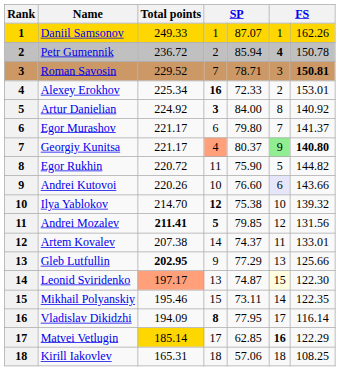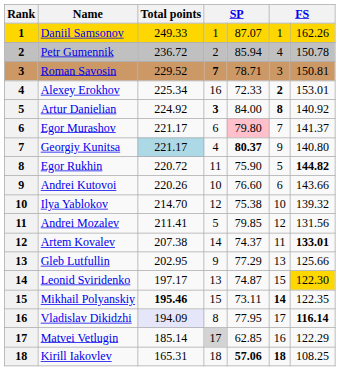 <table class="wikitable sortable">
 <tr>
 <th>Rank</th>
 <th>Name</th>
 <th>Total points</th>
 <th colspan="2" width="80px"><a href='#'>SP</a></th>
 <th colspan="2" width="80px"><a href='#'>FS</a></th>
 </tr>
 <tr bgcolor="gold">
 <td align="center"><strong>1</strong></td>
 <td><a href='#'>Daniil Samsonov</a></td>
 <td align="center">249.33</td>
 <td align="center">1</td>
 <td align="center">87.07</td>
 <td align="center">1</td>
 <td align="center">162.26</td>
 </tr>
 <tr bgcolor="silver">
 <td align="center"><strong>2</strong></td>
 <td><a href='#'>Petr Gumennik</a></td>
 <td align="center">236.72</td>
 <td align="center">2</td>
 <td align="center">85.94</td>
-<td align="center"><strong>4</strong></td>
+<td align="center">4</td>
 <td align="center">150.78</td>
 </tr>
 <tr bgcolor="cc9966">
 <td align="center"><strong>3</strong></td>
 <td><a href='#'>Roman Savosin</a></td>
 <td align="center">229.52</td>
-<td align="center">7</td>
+<td align="center"><strong>7</strong></td>
 <td align="center">78.71</td>
 <td align="center">3</td>
-<td align="center"><strong>150.81</strong></td>
+<td align="center">150.81</td>
 </tr>
 <tr>
 <th>4</th>
 <td><a href='#'>Alexey Erokhov</a></td>
 <td align="center">225.34</td>
-<td align="center"><strong>16</strong></td>
+<td align="center">16</td>
 <td align="center">72.33</td>
-<td align="center">2</td>
+<td align="center"><strong>2</strong></td>
 <td align="center">153.01</td>
 </tr>
 <tr>
 <th>5</th>
 <td><a href='#'>Artur Danielian</a></td>
 <td align="center">224.92</td>
 <td align="center"><strong>3</strong></td>
 <td align="center">84.00</td>
-<td align="center">8</td>
+<td align="center"><strong>8</strong></td>
 <td align="center">140.92</td>
 </tr>
 <tr>
 <th>6</th>
 <td><a href='#'>Egor Murashov</a></td>
 <td align="center">221.17</td>
 <td align="center">6</td>
-<td align="center">79.80</td>
+<td align="center" style="background: pink;">79.80</td>
 <td align="center">7</td>
 <td align="center">141.37</td>
 </tr>
 <tr>
 <th>7</th>
 <td><a href='#'>Georgiy Kunitsa</a></td>
-<td align="center">221.17</td>
-<td align="center" style="background: lightsalmon;">4</td>
-<td align="center">80.37</td>
-<td align="center" style="background: lightgreen;">9</td>
-<td align="center"><strong>140.80</strong></td>
+<td align="center" style="background: lightblue;">221.17</td>
+<td align="center">4</td>
+<td align="center"><strong>80.37</strong></td>
+<td align="center">9</td>
+<td align="center">140.80</td>
 </tr>
 <tr>
 <th>8</th>
 <td><a href='#'>Egor Rukhin</a></td>
 <td align="center">220.72</td>
 <td align="center">11</td>
 <td align="center">75.90</td>
 <td align="center">5</td>
-<td align="center">144.82</td>
+<td align="center"><strong>144.82</strong></td>
 </tr>
 <tr>
 <th>9</th>
 <td><a href='#'>Andrei Kutovoi</a></td>
 <td align="center">220.26</td>
 <td align="center">10</td>
 <td align="center">76.60</td>
-<td align="center" style="background: lavender;">6</td>
+<td align="center">6</td>
 <td align="center">143.66</td>
 </tr>
 <tr>
 <th>10</th>
 <td><a href='#'>Ilya Yablokov</a></td>
 <td align="center">214.70</td>
-<td align="center"><strong>12</strong></td>
+<td align="center">12</td>
 <td align="center">75.38</td>
 <td align="center">10</td>
 <td align="center">139.32</td>
 </tr>
 <tr>
 <th>11</th>
 <td><a href='#'>Andrei Mozalev</a></td>
-<td align="center"><strong>211.41</strong></td>
-<td align="center"><strong>5</strong></td>
+<td align="center">211.41</td>
+<td align="center">5</td>
 <td align="center">79.85</td>
 <td align="center">12</td>
 <td align="center">131.56</td>
 </tr>
 <tr>
 <th>12</th>
 <td><a href='#'>Artem Kovalev</a></td>
 <td align="center">207.38</td>
 <td align="center">14</td>
 <td align="center">74.37</td>
 <td align="center">11</td>
-<td align="center">133.01</td>
+<td align="center"><strong>133.01</strong></td>
 </tr>
 <tr>
 <th>13</th>
 <td><a href='#'>Gleb Lutfullin</a></td>
-<td align="center"><strong>202.95</strong></td>
+<td align="center">202.95</td>
 <td align="center">9</td>
 <td align="center">77.29</td>
 <td align="center">13</td>
 <td align="center">125.66</td>
 </tr>
 <tr>
 <th>14</th>
 <td><a href='#'>Leonid Sviridenko</a></td>
-<td align="center" style="background: lightsalmon;">197.17</td>
+<td align="center">197.17</td>
 <td align="center">13</td>
 <td align="center">74.87</td>
-<td align="center" style="background: lightyellow;">15</td>
-<td align="center">122.30</td>
+<td align="center">15</td>
+<td align="center" style="background: gold;">122.30</td>
 </tr>
 <tr>
 <th>15</th>
 <td><a href='#'>Mikhail Polyanskiy</a></td>
-<td align="center">195.46</td>
+<td align="center"><strong>195.46</strong></td>
 <td align="center">15</td>
 <td align="center">73.11</td>
-<td align="center">14</td>
+<td align="center"><strong>14</strong></td>
 <td align="center">122.35</td>
 </tr>
 <tr>
 <th>16</th>
 <td><a href='#'>Vladislav Dikidzhi</a></td>
-<td align="center">194.09</td>
-<td align="center"><strong>8</strong></td>
+<td align="center" style="background: lavender;">194.09</td>
+<td align="center">8</td>
 <td align="center">77.95</td>
 <td align="center">17</td>
-<td align="center">116.14</td>
+<td align="center"><strong>116.14</strong></td>
 </tr>
 <tr>
 <th>17</th>
 <td><a href='#'>Matvei Vetlugin</a></td>
-<td align="center" style="background: gold;">185.14</td>
-<td align="center">17</td>
+<td align="center">185.14</td>
+<td align="center" style="background: lightgrey;">17</td>
 <td align="center">62.85</td>
-<td align="center"><strong>16</strong></td>
+<td align="center">16</td>
 <td align="center">122.29</td>
 </tr>
 <tr>
 <th>18</th>
 <td><a href='#'>Kirill Iakovlev</a></td>
 <td align="center">165.31</td>
 <td align="center">18</td>
-<td align="center">57.06</td>
-<td align="center">18</td>
+<td align="center"><strong>57.06</strong></td>
+<td align="center"><strong>18</strong></td>
 <td align="center">108.25</td>
 </tr>
 </table>
